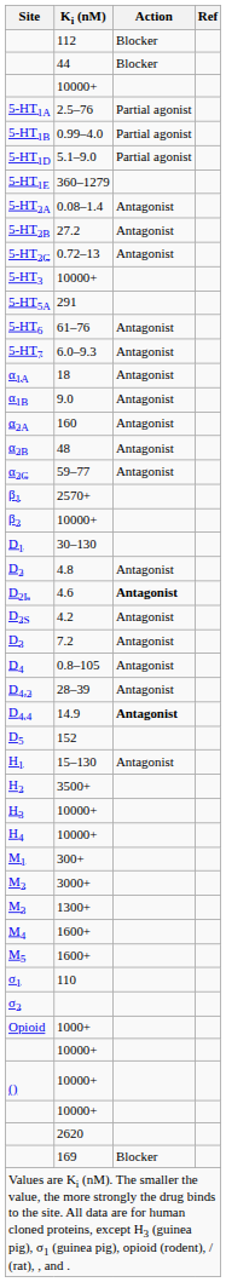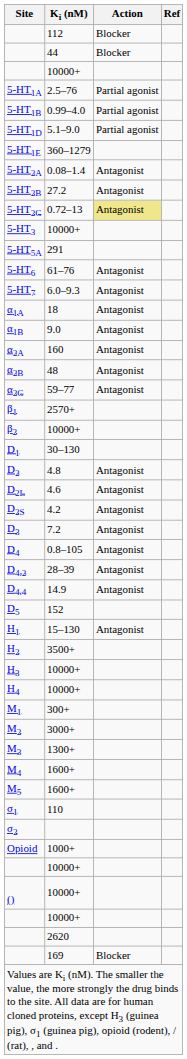 <table class="wikitable floatright sortable" style="font-size:small;">
 <tr>
 <th>Site</th>
 <th>K<sub>i</sub> (nM)</th>
 <th>Action</th>
 <th>Ref</th>
 </tr>
 <tr>
 <td></td>
 <td>112</td>
 <td>Blocker</td>
 <td></td>
 </tr>
 <tr>
 <td></td>
 <td>44</td>
 <td>Blocker</td>
 <td></td>
 </tr>
 <tr>
 <td></td>
 <td>10000+</td>
 <td></td>
 <td></td>
 </tr>
 <tr>
 <td><a href='#'>5-HT<sub>1A</sub></a></td>
 <td>2.5–76</td>
 <td>Partial agonist</td>
 <td></td>
 </tr>
 <tr>
 <td><a href='#'>5-HT<sub>1B</sub></a></td>
 <td>0.99–4.0</td>
 <td>Partial agonist</td>
 <td></td>
 </tr>
 <tr>
 <td><a href='#'>5-HT<sub>1D</sub></a></td>
 <td>5.1–9.0</td>
 <td>Partial agonist</td>
 <td></td>
 </tr>
 <tr>
 <td><a href='#'>5-HT<sub>1E</sub></a></td>
 <td>360–1279</td>
 <td></td>
 <td></td>
 </tr>
 <tr>
 <td><a href='#'>5-HT<sub>2A</sub></a></td>
 <td>0.08–1.4</td>
 <td>Antagonist</td>
 <td></td>
 </tr>
 <tr>
 <td><a href='#'>5-HT<sub>2B</sub></a></td>
 <td>27.2</td>
 <td>Antagonist</td>
 <td></td>
 </tr>
 <tr>
 <td><a href='#'>5-HT<sub>2C</sub></a></td>
 <td>0.72–13</td>
-<td>Antagonist</td>
+<td style="background: khaki;">Antagonist</td>
 <td></td>
 </tr>
 <tr>
 <td><a href='#'>5-HT<sub>3</sub></a></td>
 <td>10000+</td>
 <td></td>
 <td></td>
 </tr>
 <tr>
 <td><a href='#'>5-HT<sub>5A</sub></a></td>
 <td>291</td>
 <td></td>
 <td></td>
 </tr>
 <tr>
 <td><a href='#'>5-HT<sub>6</sub></a></td>
 <td>61–76</td>
 <td>Antagonist</td>
 <td></td>
 </tr>
 <tr>
 <td><a href='#'>5-HT<sub>7</sub></a></td>
 <td>6.0–9.3</td>
 <td>Antagonist</td>
 <td></td>
 </tr>
 <tr>
 <td><a href='#'>α<sub>1A</sub></a></td>
 <td>18</td>
 <td>Antagonist</td>
 <td></td>
 </tr>
 <tr>
 <td><a href='#'>α<sub>1B</sub></a></td>
 <td>9.0</td>
 <td>Antagonist</td>
 <td></td>
 </tr>
 <tr>
 <td><a href='#'>α<sub>2A</sub></a></td>
 <td>160</td>
 <td>Antagonist</td>
 <td></td>
 </tr>
 <tr>
 <td><a href='#'>α<sub>2B</sub></a></td>
 <td>48</td>
 <td>Antagonist</td>
 <td></td>
 </tr>
 <tr>
 <td><a href='#'>α<sub>2C</sub></a></td>
 <td>59–77</td>
 <td>Antagonist</td>
 <td></td>
 </tr>
 <tr>
 <td><a href='#'>β<sub>1</sub></a></td>
 <td>2570+</td>
 <td></td>
 <td></td>
 </tr>
 <tr>
 <td><a href='#'>β<sub>2</sub></a></td>
 <td>10000+</td>
 <td></td>
 <td></td>
 </tr>
 <tr>
 <td><a href='#'>D<sub>1</sub></a></td>
 <td>30–130</td>
 <td></td>
 <td></td>
 </tr>
 <tr>
 <td><a href='#'>D<sub>2</sub></a></td>
 <td>4.8</td>
 <td>Antagonist</td>
 <td></td>
 </tr>
 <tr>
 <td><a href='#'>D<sub>2L</sub></a></td>
 <td>4.6</td>
-<td><strong>Antagonist</strong></td>
+<td>Antagonist</td>
 <td></td>
 </tr>
 <tr>
 <td><a href='#'>D<sub>2S</sub></a></td>
 <td>4.2</td>
 <td>Antagonist</td>
 <td></td>
 </tr>
 <tr>
 <td><a href='#'>D<sub>3</sub></a></td>
 <td>7.2</td>
 <td>Antagonist</td>
 <td></td>
 </tr>
 <tr>
 <td><a href='#'>D<sub>4</sub></a></td>
 <td>0.8–105</td>
 <td>Antagonist</td>
 <td></td>
 </tr>
 <tr>
 <td><a href='#'>D<sub>4.2</sub></a></td>
 <td>28–39</td>
 <td>Antagonist</td>
 <td></td>
 </tr>
 <tr>
 <td><a href='#'>D<sub>4.4</sub></a></td>
 <td>14.9</td>
-<td><strong>Antagonist</strong></td>
+<td>Antagonist</td>
 <td></td>
 </tr>
 <tr>
 <td><a href='#'>D<sub>5</sub></a></td>
 <td>152</td>
 <td></td>
 <td></td>
 </tr>
 <tr>
 <td><a href='#'>H<sub>1</sub></a></td>
 <td>15–130</td>
 <td>Antagonist</td>
 <td></td>
 </tr>
 <tr>
 <td><a href='#'>H<sub>2</sub></a></td>
 <td>3500+</td>
 <td></td>
 <td></td>
 </tr>
 <tr>
 <td><a href='#'>H<sub>3</sub></a></td>
 <td>10000+</td>
 <td></td>
 <td></td>
 </tr>
 <tr>
 <td><a href='#'>H<sub>4</sub></a></td>
 <td>10000+</td>
 <td></td>
 <td></td>
 </tr>
 <tr>
 <td><a href='#'>M<sub>1</sub></a></td>
 <td>300+</td>
 <td></td>
 <td></td>
 </tr>
 <tr>
 <td><a href='#'>M<sub>2</sub></a></td>
 <td>3000+</td>
 <td></td>
 <td></td>
 </tr>
 <tr>
 <td><a href='#'>M<sub>3</sub></a></td>
 <td>1300+</td>
 <td></td>
 <td></td>
 </tr>
 <tr>
 <td><a href='#'>M<sub>4</sub></a></td>
 <td>1600+</td>
 <td></td>
 <td></td>
 </tr>
 <tr>
 <td><a href='#'>M<sub>5</sub></a></td>
 <td>1600+</td>
 <td></td>
 <td></td>
 </tr>
 <tr>
 <td><a href='#'>σ<sub>1</sub></a></td>
 <td>110</td>
 <td></td>
 <td></td>
 </tr>
 <tr>
 <td><a href='#'>σ<sub>2</sub></a></td>
 <td></td>
 <td></td>
 <td></td>
 </tr>
 <tr>
 <td><a href='#'>Opioid</a></td>
 <td>1000+</td>
 <td></td>
 <td></td>
 </tr>
 <tr>
 <td></td>
 <td>10000+</td>
 <td></td>
 <td></td>
 </tr>
 <tr>
 <td><a href='#'><br>()</a></td>
 <td>10000+</td>
 <td></td>
 <td></td>
 </tr>
 <tr>
 <td></td>
 <td>10000+</td>
 <td></td>
 <td></td>
 </tr>
 <tr>
 <td></td>
 <td>2620</td>
 <td></td>
 <td></td>
 </tr>
 <tr>
 <td></td>
 <td>169</td>
 <td>Blocker</td>
 <td></td>
 </tr>
 <tr class="sortbottom">
 <td colspan="5" style="width: 1px;">Values are K<sub>i</sub> (nM). The smaller the value, the more strongly the drug binds to the site. All data are for human cloned proteins, except H<sub>3</sub> (guinea pig), σ<sub>1</sub> (guinea pig), opioid (rodent), / (rat), , and .</td>
 </tr>
 </table>
